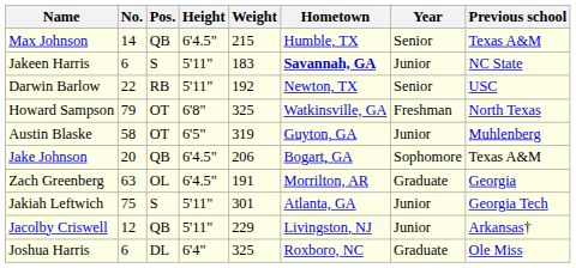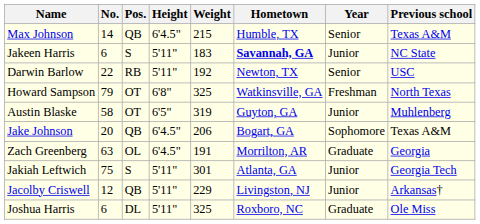 <table class="wikitable sortable">
 <tr>
 <th>Name</th>
 <th>No.</th>
 <th>Pos.</th>
 <th>Height</th>
 <th>Weight</th>
 <th>Hometown</th>
 <th>Year</th>
 <th class="unsortable">Previous school</th>
 </tr>
 <tr style="background:#FFFFE6;">
 <td><a href='#'>Max Johnson</a></td>
 <td>14</td>
 <td>QB</td>
 <td>6'4.5"</td>
 <td>215</td>
 <td><a href='#'>Humble, TX</a></td>
 <td>Senior</td>
 <td><a href='#'>Texas A&M</a></td>
 </tr>
 <tr style="background:#FFFFE6;">
 <td>Jakeen Harris</td>
 <td>6</td>
 <td>S</td>
 <td>5'11"</td>
 <td>183</td>
 <td><strong><a href='#'>Savannah, GA</a></strong></td>
 <td>Junior</td>
 <td><a href='#'>NC State</a></td>
 </tr>
 <tr style="background:#FFFFE6;">
 <td>Darwin Barlow</td>
 <td>22</td>
 <td>RB</td>
 <td>5'11"</td>
 <td>192</td>
 <td><a href='#'>Newton, TX</a></td>
 <td> Senior</td>
 <td><a href='#'>USC</a></td>
 </tr>
 <tr style="background:#FFFFE6;">
 <td>Howard Sampson</td>
 <td>79</td>
 <td>OT</td>
 <td>6'8"</td>
 <td>325</td>
 <td><a href='#'>Watkinsville, GA</a></td>
 <td> Freshman</td>
 <td><a href='#'>North Texas</a></td>
 </tr>
 <tr style="background:#FFFFE6;">
 <td>Austin Blaske</td>
 <td>58</td>
 <td>OT</td>
 <td>6'5"</td>
 <td>319</td>
 <td><a href='#'>Guyton, GA</a></td>
 <td>Junior</td>
 <td><a href='#'>Muhlenberg</a></td>
 </tr>
 <tr style="background:#FFFFE6;">
 <td><a href='#'>Jake Johnson</a></td>
 <td>20</td>
 <td>QB</td>
 <td>6'4.5"</td>
 <td>206</td>
 <td><a href='#'>Bogart, GA</a></td>
 <td>Sophomore</td>
 <td>Texas A&M</td>
 </tr>
 <tr style="background:#FFFFE6;">
 <td>Zach Greenberg</td>
 <td>63</td>
 <td>OL</td>
 <td>6'4.5"</td>
 <td>191</td>
 <td><a href='#'>Morrilton, AR</a></td>
 <td>Graduate</td>
 <td><a href='#'>Georgia</a></td>
 </tr>
 <tr style="background:#FFFFE6;">
 <td>Jakiah Leftwich</td>
 <td>75</td>
 <td>S</td>
 <td>5'11"</td>
 <td>301</td>
 <td><a href='#'>Atlanta, GA</a></td>
 <td>Junior</td>
 <td><a href='#'>Georgia Tech</a></td>
 </tr>
 <tr style="background:#FFFFE6;">
 <td><a href='#'>Jacolby Criswell</a></td>
 <td>12</td>
 <td>QB</td>
 <td>5'11"</td>
 <td>229</td>
 <td><a href='#'>Livingston, NJ</a></td>
 <td>Junior</td>
 <td><a href='#'>Arkansas</a>†</td>
 </tr>
 <tr style="background:#FFFFE6;">
 <td>Joshua Harris</td>
 <td>6</td>
 <td>DL</td>
-<td>6'4"</td>
+<td>5'11"</td>
 <td>325</td>
 <td><a href='#'>Roxboro, NC</a></td>
 <td>Graduate</td>
 <td><a href='#'>Ole Miss</a></td>
 </tr>
 </table>
